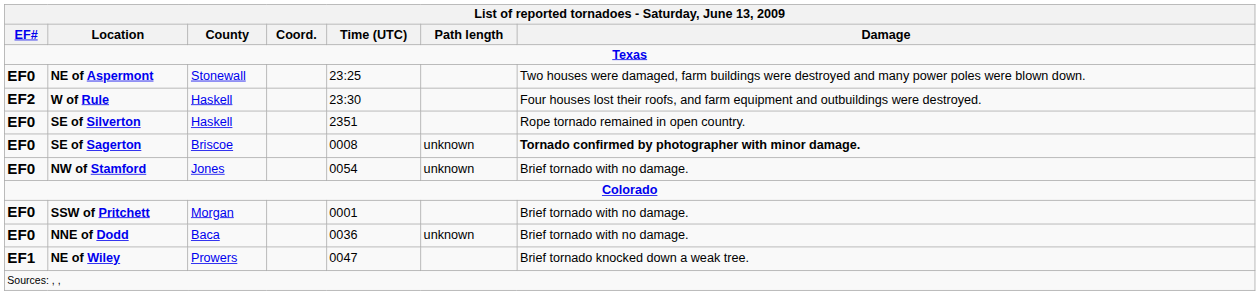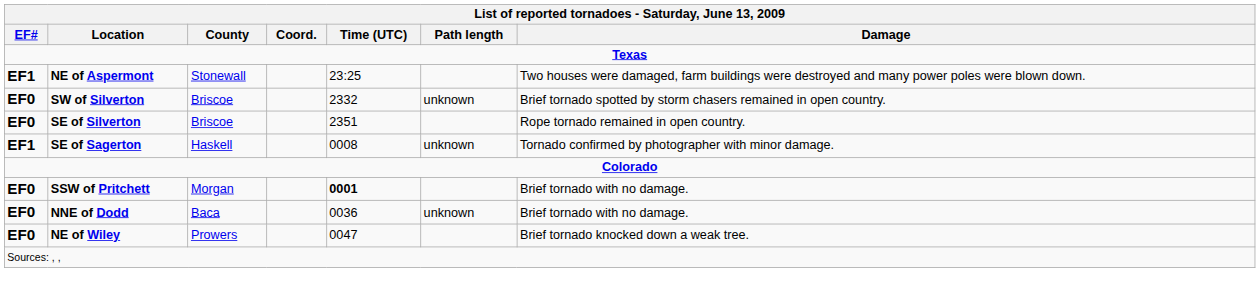 <table class="wikitable collapsible" width="100%">
 <tr>
 <th colspan="7">List of reported tornadoes - Saturday, June 13, 2009</th>
 </tr>
 <tr>
 <th><a href='#'>EF#</a></th>
 <th>Location</th>
 <th>County</th>
 <th>Coord.</th>
 <th>Time (UTC)</th>
 <th>Path length</th>
 <th>Damage</th>
 </tr>
 <tr>
 <td colspan="7" align=center><strong><a href='#'>Texas</a></strong></td>
 </tr>
 <tr>
-<td><big><strong>EF0</strong></big></td>
+<td><big><strong>EF1</strong></big></td>
 <td><strong>NE of <a href='#'>Aspermont</a></strong></td>
 <td><a href='#'>Stonewall</a></td>
 <td></td>
 <td>23:25</td>
 <td></td>
 <td>Two houses were damaged, farm buildings were destroyed and many power poles were blown down.</td>
 </tr>
 <tr>
-<td><big><strong>EF2</strong></big></td>
-<td><strong>W of <a href='#'>Rule</a></strong></td>
-<td><a href='#'>Haskell</a></td>
+<td><big><strong>EF0</strong></big></td>
+<td><strong>SW of <a href='#'>Silverton</a></strong></td>
+<td><a href='#'>Briscoe</a></td>
 <td></td>
-<td>23:30</td>
-<td></td>
-<td>Four houses lost their roofs, and farm equipment and outbuildings were destroyed.</td>
+<td>2332</td>
+<td>unknown</td>
+<td>Brief tornado spotted by storm chasers remained in open country.</td>
 </tr>
 <tr>
 <td><big><strong>EF0</strong></big></td>
 <td><strong>SE of <a href='#'>Silverton</a></strong></td>
-<td><a href='#'>Haskell</a></td>
+<td><a href='#'>Briscoe</a></td>
 <td></td>
 <td>2351</td>
 <td></td>
 <td>Rope tornado remained in open country.</td>
 </tr>
 <tr>
-<td><big><strong>EF0</strong></big></td>
+<td><big><strong>EF1</strong></big></td>
 <td><strong>SE of <a href='#'>Sagerton</a></strong></td>
-<td><a href='#'>Briscoe</a></td>
+<td><a href='#'>Haskell</a></td>
 <td></td>
 <td>0008</td>
 <td>unknown</td>
-<td><strong>Tornado confirmed by photographer with minor damage.</strong></td>
-</tr>
-<tr>
-<td><big><strong>EF0</strong></big></td>
-<td><strong>NW of <a href='#'>Stamford</a></strong></td>
-<td><a href='#'>Jones</a></td>
-<td></td>
-<td>0054</td>
-<td>unknown</td>
-<td>Brief tornado with no damage.</td>
+<td>Tornado confirmed by photographer with minor damage.</td>
 </tr>
 <tr>
 <td colspan="7" align=center><strong><a href='#'>Colorado</a></strong></td>
 </tr>
 <tr>
 <td><big><strong>EF0</strong></big></td>
 <td><strong>SSW of <a href='#'>Pritchett</a></strong></td>
 <td><a href='#'>Morgan</a></td>
 <td></td>
-<td>0001</td>
+<td><strong>0001</strong></td>
 <td></td>
 <td>Brief tornado with no damage.</td>
 </tr>
 <tr>
 <td><big><strong>EF0</strong></big></td>
 <td><strong>NNE of <a href='#'>Dodd</a></strong></td>
 <td><a href='#'>Baca</a></td>
 <td></td>
 <td>0036</td>
 <td>unknown</td>
 <td>Brief tornado with no damage.</td>
 </tr>
 <tr>
-<td><big><strong>EF1</strong></big></td>
+<td><big><strong>EF0</strong></big></td>
 <td><strong>NE of <a href='#'>Wiley</a></strong></td>
 <td><a href='#'>Prowers</a></td>
 <td></td>
 <td>0047</td>
 <td></td>
 <td>Brief tornado knocked down a weak tree.</td>
 </tr>
 <tr>
 <td colspan="7"><small>Sources: , , </small></td>
 </tr>
 </table>
